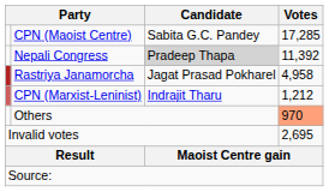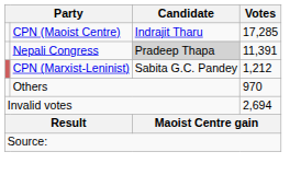 <table class="wikitable">
 <tr>
 <th colspan="2">Party</th>
 <th>Candidate</th>
 <th>Votes</th>
 </tr>
 <tr>
 <td style="background-color:"></td>
 <td><a href='#'>CPN (Maoist Centre)</a></td>
-<td>Sabita G.C. Pandey</td>
+<td><a href='#'>Indrajit Tharu</a></td>
 <td>17,285</td>
 </tr>
 <tr>
 <td style="background-color:"></td>
 <td><a href='#'>Nepali Congress</a></td>
 <td style="background: lightgrey;">Pradeep Thapa</td>
-<td>11,392</td>
-</tr>
-<tr>
-<td style="background-color:firebrick"></td>
-<td><a href='#'>Rastriya Janamorcha</a></td>
-<td>Jagat Prasad Pokharel</td>
-<td>4,958</td>
+<td>11,391</td>
 </tr>
 <tr>
 <td style="background-color:indianred"></td>
 <td><a href='#'>CPN (Marxist-Leninist)</a></td>
-<td><a href='#'>Indrajit Tharu</a></td>
+<td>Sabita G.C. Pandey</td>
 <td>1,212</td>
 </tr>
 <tr>
 <td></td>
 <td colspan="2">Others</td>
-<td style="background: lightsalmon;">970</td>
+<td>970</td>
 </tr>
 <tr>
 <td colspan="3">Invalid votes</td>
-<td>2,695</td>
+<td>2,694</td>
 </tr>
 <tr>
 <th colspan="2">Result</th>
 <th colspan="2">Maoist Centre gain</th>
 </tr>
 <tr>
 <td colspan="4">Source: </td>
 </tr>
 </table>
